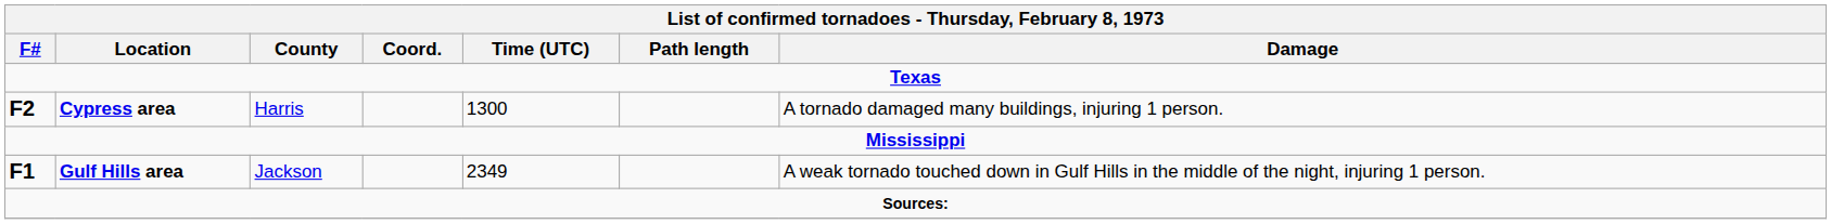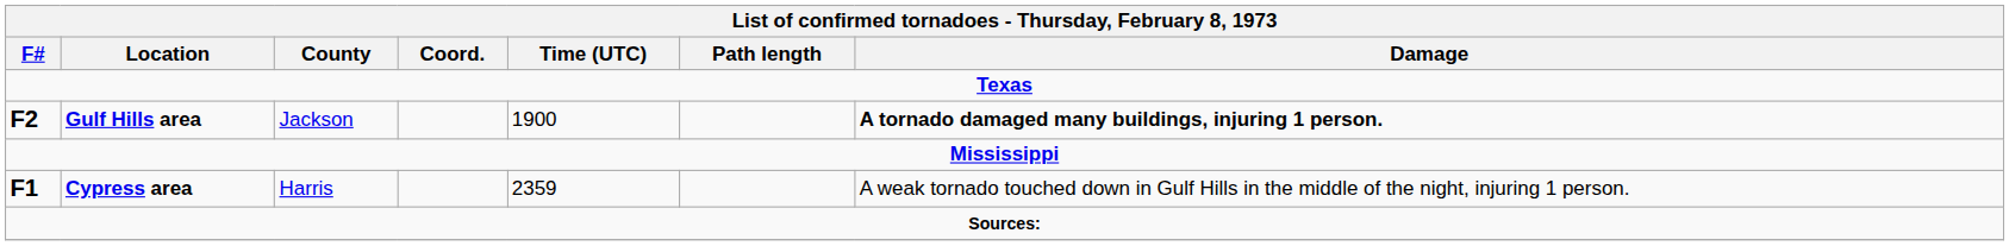 <table class="wikitable collapsible" width="100%">
 <tr>
 <th colspan="7">List of confirmed tornadoes - Thursday, February 8, 1973</th>
 </tr>
 <tr>
 <th><a href='#'>F#</a></th>
 <th>Location</th>
 <th>County</th>
 <th>Coord.</th>
 <th>Time (UTC)</th>
 <th>Path length</th>
 <th>Damage</th>
 </tr>
 <tr>
 <td colspan="7" align=center><strong><a href='#'>Texas</a></strong></td>
 </tr>
 <tr>
 <td><big><strong>F2</strong></big></td>
-<td><strong><a href='#'>Cypress</a> area</strong></td>
-<td><a href='#'>Harris</a></td>
+<td><strong><a href='#'>Gulf Hills</a> area</strong></td>
+<td><a href='#'>Jackson</a></td>
 <td></td>
-<td>1300</td>
+<td>1900</td>
 <td></td>
-<td>A tornado damaged many buildings, injuring 1 person.</td>
+<td><strong>A tornado damaged many buildings, injuring 1 person.</strong></td>
 </tr>
 <tr>
 <td colspan="7" align=center><strong><a href='#'>Mississippi</a></strong></td>
 </tr>
 <tr>
 <td><big><strong>F1</strong></big></td>
-<td><strong><a href='#'>Gulf Hills</a> area</strong></td>
-<td><a href='#'>Jackson</a></td>
+<td><strong><a href='#'>Cypress</a> area</strong></td>
+<td><a href='#'>Harris</a></td>
 <td></td>
-<td>2349</td>
+<td>2359</td>
 <td></td>
 <td>A weak tornado touched down in Gulf Hills in the middle of the night, injuring 1 person.</td>
 </tr>
 <tr>
 <td colspan="7" align=center><small><strong>Sources:</strong> </small></td>
 </tr>
 <tr>
 </tr>
 </table>
